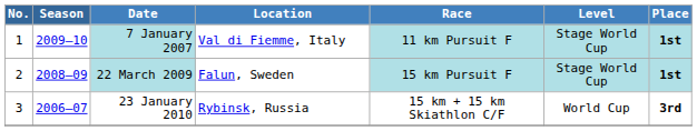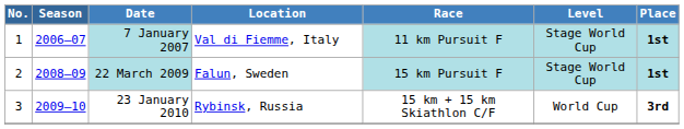 <table class="wikitable sortable" style="font-size:95%; text-align:center; border:grey solid 1px; border-collapse:collapse; background:#ffffff;">
 <tr style="background:#efefef;">
 <th style="background-color:#369; color:white;">No.</th>
 <th style="background-color:#369; color:white;">Season</th>
 <th style="background-color:#4180be; color:white; width:100px;">Date</th>
 <th style="background-color:#4180be; color:white; width:170px;">Location</th>
 <th style="background-color:#4180be; color:white; width:170px;">Race</th>
 <th style="background-color:#4180be; color:white; width:100px;">Level</th>
 <th style="background-color:#4180be; color:white;">Place</th>
 </tr>
 <tr>
 <td align=center>1</td>
-<td rowspan=1 align=center><a href='#'>2009–10</a></td>
+<td rowspan=1 align=center><a href='#'>2006–07</a></td>
 <td bgcolor="#BOEOE6" align=right>7 January 2007</td>
 <td align=left> <a href='#'>Val di Fiemme</a>, Italy</td>
 <td bgcolor="#BOEOE6">11 km Pursuit F</td>
 <td bgcolor="#BOEOE6">Stage World Cup</td>
 <td bgcolor="#BOEOE6"><strong>1st</strong></td>
 </tr>
 <tr>
 <td align=center>2</td>
 <td rowspan=1 align=center><a href='#'>2008–09</a></td>
 <td bgcolor="#BOEOE6" align=right>22 March 2009</td>
 <td align=left> <a href='#'>Falun</a>, Sweden</td>
 <td bgcolor="#BOEOE6">15 km Pursuit F</td>
 <td bgcolor="#BOEOE6">Stage World Cup</td>
 <td bgcolor="#BOEOE6"><strong>1st</strong></td>
 </tr>
 <tr>
 <td align=center>3</td>
-<td rowspan=1 align=center><a href='#'>2006–07</a></td>
+<td rowspan=1 align=center><a href='#'>2009–10</a></td>
 <td align=right>23 January 2010</td>
 <td align=left> <a href='#'>Rybinsk</a>, Russia</td>
 <td>15 km + 15 km Skiathlon C/F</td>
 <td>World Cup</td>
 <td><strong>3rd</strong></td>
 </tr>
 <tr>
 </tr>
 </table>
